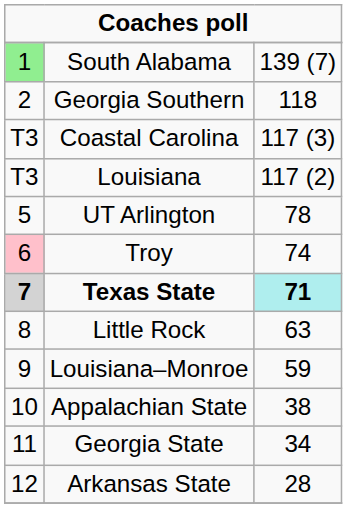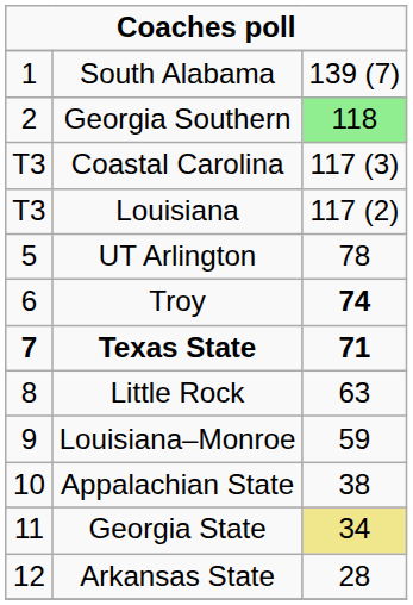 <table class="wikitable">
 <tr align="center">
 <td align="center" Colspan="3"><strong>Coaches poll</strong></td>
 </tr>
 <tr align="center">
 </tr>
 <tr align="center">
-<td style="background: lightgreen;">1</td>
+<td>1</td>
 <td>South Alabama</td>
 <td>139 (7)</td>
 </tr>
 <tr align="center">
 <td>2</td>
 <td>Georgia Southern</td>
-<td>118</td>
+<td style="background: lightgreen;">118</td>
 </tr>
 <tr align="center">
 <td>T3</td>
 <td>Coastal Carolina</td>
 <td>117 (3)</td>
 </tr>
 <tr align="center">
 <td>T3</td>
 <td>Louisiana</td>
 <td>117 (2)</td>
 </tr>
 <tr align="center">
 <td>5</td>
 <td>UT Arlington</td>
 <td>78</td>
 </tr>
 <tr align="center">
-<td style="background: pink;">6</td>
+<td>6</td>
 <td>Troy</td>
-<td>74</td>
+<td><strong>74</strong></td>
 </tr>
 <tr align="center">
-<td style="background: lightgrey;"><strong>7</strong></td>
+<td><strong>7</strong></td>
 <td><strong>Texas State</strong></td>
-<td style="background: paleturquoise;"><strong>71</strong></td>
+<td><strong>71</strong></td>
 </tr>
 <tr align="center">
 <td>8</td>
 <td>Little Rock</td>
 <td>63</td>
 </tr>
 <tr align="center">
 <td>9</td>
 <td>Louisiana–Monroe</td>
 <td>59</td>
 </tr>
 <tr align="center">
 <td>10</td>
 <td>Appalachian State</td>
 <td>38</td>
 </tr>
 <tr align="center">
 <td>11</td>
 <td>Georgia State</td>
-<td>34</td>
+<td style="background: khaki;">34</td>
 </tr>
 <tr align="center">
 <td>12</td>
 <td>Arkansas State</td>
 <td>28</td>
 </tr>
 <tr align="center">
 </tr>
 </table>
